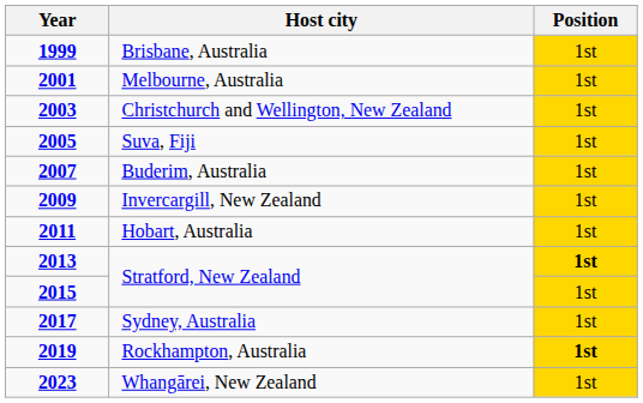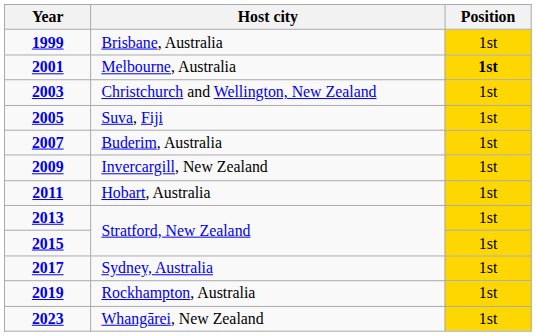 <table class="wikitable" style="text-align: center;">
 <tr>
 <th style="width: 80px;">Year</th>
 <th style="width: 350px;">Host city</th>
 <th style="width: 80px;">Position</th>
 </tr>
 <tr>
 <td><strong><a href='#'>1999</a></strong></td>
 <td style="text-align: left; padding-left: 10px;"> <a href='#'>Brisbane</a>, Australia</td>
 <td style="background-color: gold;">1st</td>
 </tr>
 <tr>
 <td><strong><a href='#'>2001</a></strong></td>
 <td style="text-align: left; padding-left: 10px;"> <a href='#'>Melbourne</a>, Australia</td>
-<td style="background-color: gold;">1st</td>
+<td style="background-color: gold;"><strong>1st</strong></td>
 </tr>
 <tr>
 <td><strong><a href='#'>2003</a></strong></td>
 <td style="text-align: left; padding-left: 10px;"> <a href='#'>Christchurch</a> and <a href='#'>Wellington, New Zealand</a></td>
 <td style="background-color: gold;">1st</td>
 </tr>
 <tr>
 <td><strong><a href='#'>2005</a></strong></td>
 <td style="text-align: left; padding-left: 10px;"> <a href='#'>Suva</a>, <a href='#'>Fiji</a></td>
 <td style="background-color: gold;">1st</td>
 </tr>
 <tr>
 <td><strong><a href='#'>2007</a></strong></td>
 <td style="text-align: left; padding-left: 10px;"> <a href='#'>Buderim</a>, Australia</td>
 <td style="background-color: gold;">1st</td>
 </tr>
 <tr>
 <td><strong><a href='#'>2009</a></strong></td>
 <td style="text-align: left; padding-left: 10px;"> <a href='#'>Invercargill</a>, New Zealand</td>
 <td style="background-color: gold;">1st</td>
 </tr>
 <tr>
 <td><strong><a href='#'>2011</a></strong></td>
 <td style="text-align: left; padding-left: 10px;"> <a href='#'>Hobart</a>, Australia</td>
 <td style="background-color: gold;">1st</td>
 </tr>
 <tr>
 <td><strong><a href='#'>2013</a></strong></td>
 <td rowspan=2; style="text-align: left; padding-left: 10px;"> <a href='#'>Stratford, New Zealand</a></td>
-<td style="background-color: gold;"><strong>1st</strong></td>
+<td style="background-color: gold;">1st</td>
 </tr>
 <tr>
 <td><strong><a href='#'>2015</a></strong></td>
 <td style="background-color: gold;">1st</td>
 </tr>
 <tr>
 <td><strong><a href='#'>2017</a></strong></td>
 <td style="text-align: left; padding-left: 10px;"> <a href='#'>Sydney, Australia</a></td>
 <td style="background-color: gold;">1st</td>
 </tr>
 <tr>
 <td><strong><a href='#'>2019</a></strong></td>
 <td style="text-align: left; padding-left: 10px;"> <a href='#'>Rockhampton</a>, Australia</td>
-<td style="background-color: gold;"><strong>1st</strong></td>
+<td style="background-color: gold;">1st</td>
 </tr>
 <tr>
 <td><strong><a href='#'>2023</a></strong></td>
 <td style="text-align: left; padding-left: 10px;"> <a href='#'>Whangārei</a>, New Zealand</td>
 <td style="background-color: gold;">1st</td>
 </tr>
 </table>
